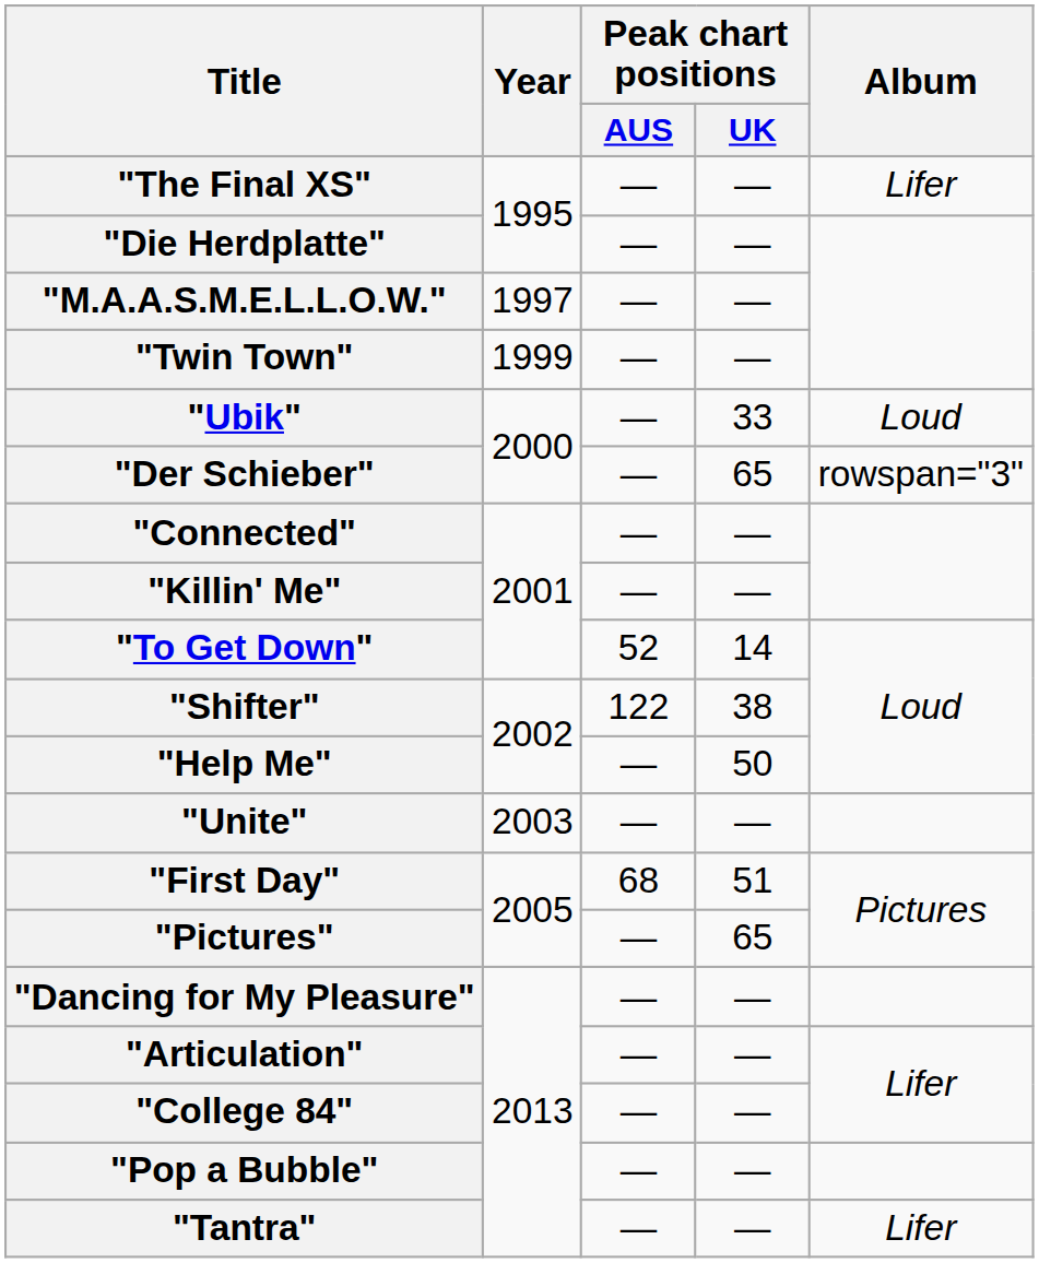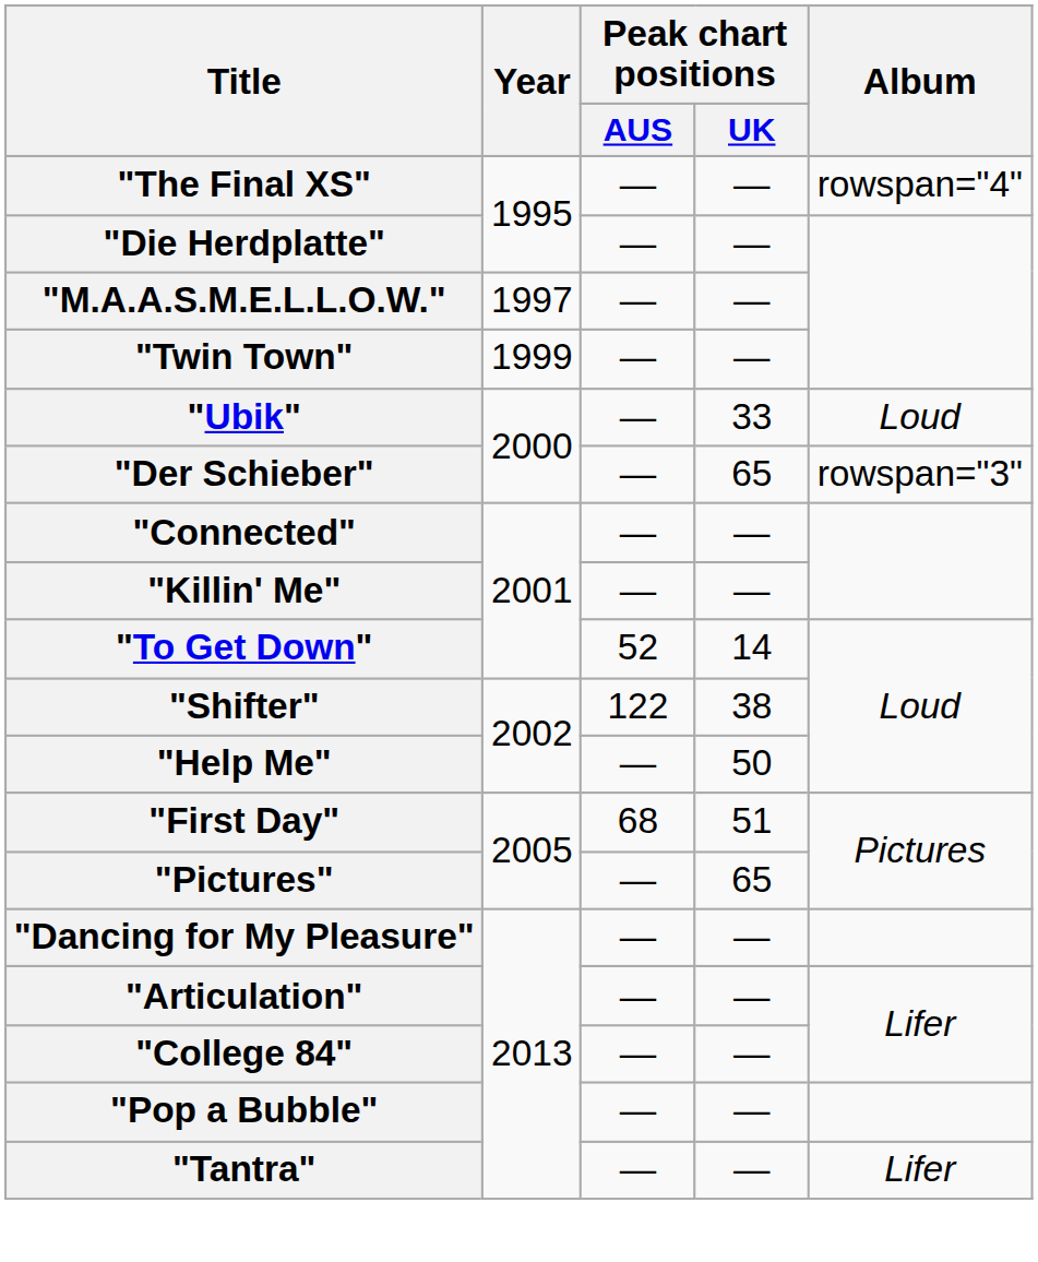 <table class="wikitable plainrowheaders" style="text-align:center;">
 <tr>
 <th scope="col" rowspan="2">Title</th>
 <th scope="col" rowspan="2">Year</th>
 <th scope="col" colspan="2">Peak chart positions</th>
 <th scope="col" rowspan="2">Album</th>
 </tr>
 <tr>
 <th scope="col" style="width:3em;font-size:90%;"><a href='#'>AUS</a><br></th>
 <th scope="col" style="width:3em;font-size:90%;"><a href='#'>UK</a><br></th>
 </tr>
 <tr>
 <th scope="row">"The Final XS"</th>
 <td rowspan="2">1995</td>
 <td>—</td>
 <td>—</td>
-<td><em>Lifer</em></td>
+<td>rowspan="4" </td>
 </tr>
 <tr>
 <th scope="row">"Die Herdplatte"</th>
 <td>—</td>
 <td>—</td>
 </tr>
 <tr>
 <th scope="row">"M.A.A.S.M.E.L.L.O.W."</th>
 <td>1997</td>
 <td>—</td>
 <td>—</td>
 </tr>
 <tr>
 <th scope="row">"Twin Town"</th>
 <td>1999</td>
 <td>—</td>
 <td>—</td>
 </tr>
 <tr>
 <th scope="row">"<a href='#'>Ubik</a>"<br></th>
 <td rowspan="2">2000</td>
 <td>—</td>
 <td>33</td>
 <td><em>Loud</em></td>
 </tr>
 <tr>
 <th scope="row">"Der Schieber"</th>
 <td>—</td>
 <td>65</td>
 <td>rowspan="3" </td>
 </tr>
 <tr>
 <th scope="row">"Connected"</th>
 <td rowspan="3">2001</td>
 <td>—</td>
 <td>—</td>
 </tr>
 <tr>
 <th scope="row">"Killin' Me"</th>
 <td>—</td>
 <td>—</td>
 </tr>
 <tr>
 <th scope="row">"<a href='#'>To Get Down</a>"</th>
 <td>52</td>
 <td>14</td>
 <td rowspan="3"><em>Loud</em></td>
 </tr>
 <tr>
 <th scope="row">"Shifter"<br></th>
 <td rowspan="2">2002</td>
 <td>122</td>
 <td>38</td>
 </tr>
 <tr>
 <th scope="row">"Help Me"<br></th>
 <td>—</td>
 <td>50</td>
 </tr>
 <tr>
-<th scope="row">"Unite"</th>
-<td>2003</td>
-<td>—</td>
-<td>—</td>
-<td></td>
-</tr>
-<tr>
 <th scope="row">"First Day"<br></th>
 <td rowspan="2">2005</td>
 <td>68</td>
 <td>51</td>
 <td rowspan="2"><em>Pictures</em></td>
 </tr>
 <tr>
 <th scope="row">"Pictures"<br></th>
 <td>—</td>
 <td>65</td>
 </tr>
 <tr>
 <th scope="row">"Dancing for My Pleasure"</th>
 <td rowspan="5">2013</td>
 <td>—</td>
 <td>—</td>
 <td></td>
 </tr>
 <tr>
 <th scope="row">"Articulation"</th>
 <td>—</td>
 <td>—</td>
 <td rowspan="2"><em>Lifer</em></td>
 </tr>
 <tr>
 <th scope="row">"College 84"</th>
 <td>—</td>
 <td>—</td>
 </tr>
 <tr>
 <th scope="row">"Pop a Bubble"</th>
 <td>—</td>
 <td>—</td>
 <td></td>
 </tr>
 <tr>
 <th scope="row">"Tantra"</th>
 <td>—</td>
 <td>—</td>
 <td><em>Lifer</em></td>
 </tr>
 </table>
